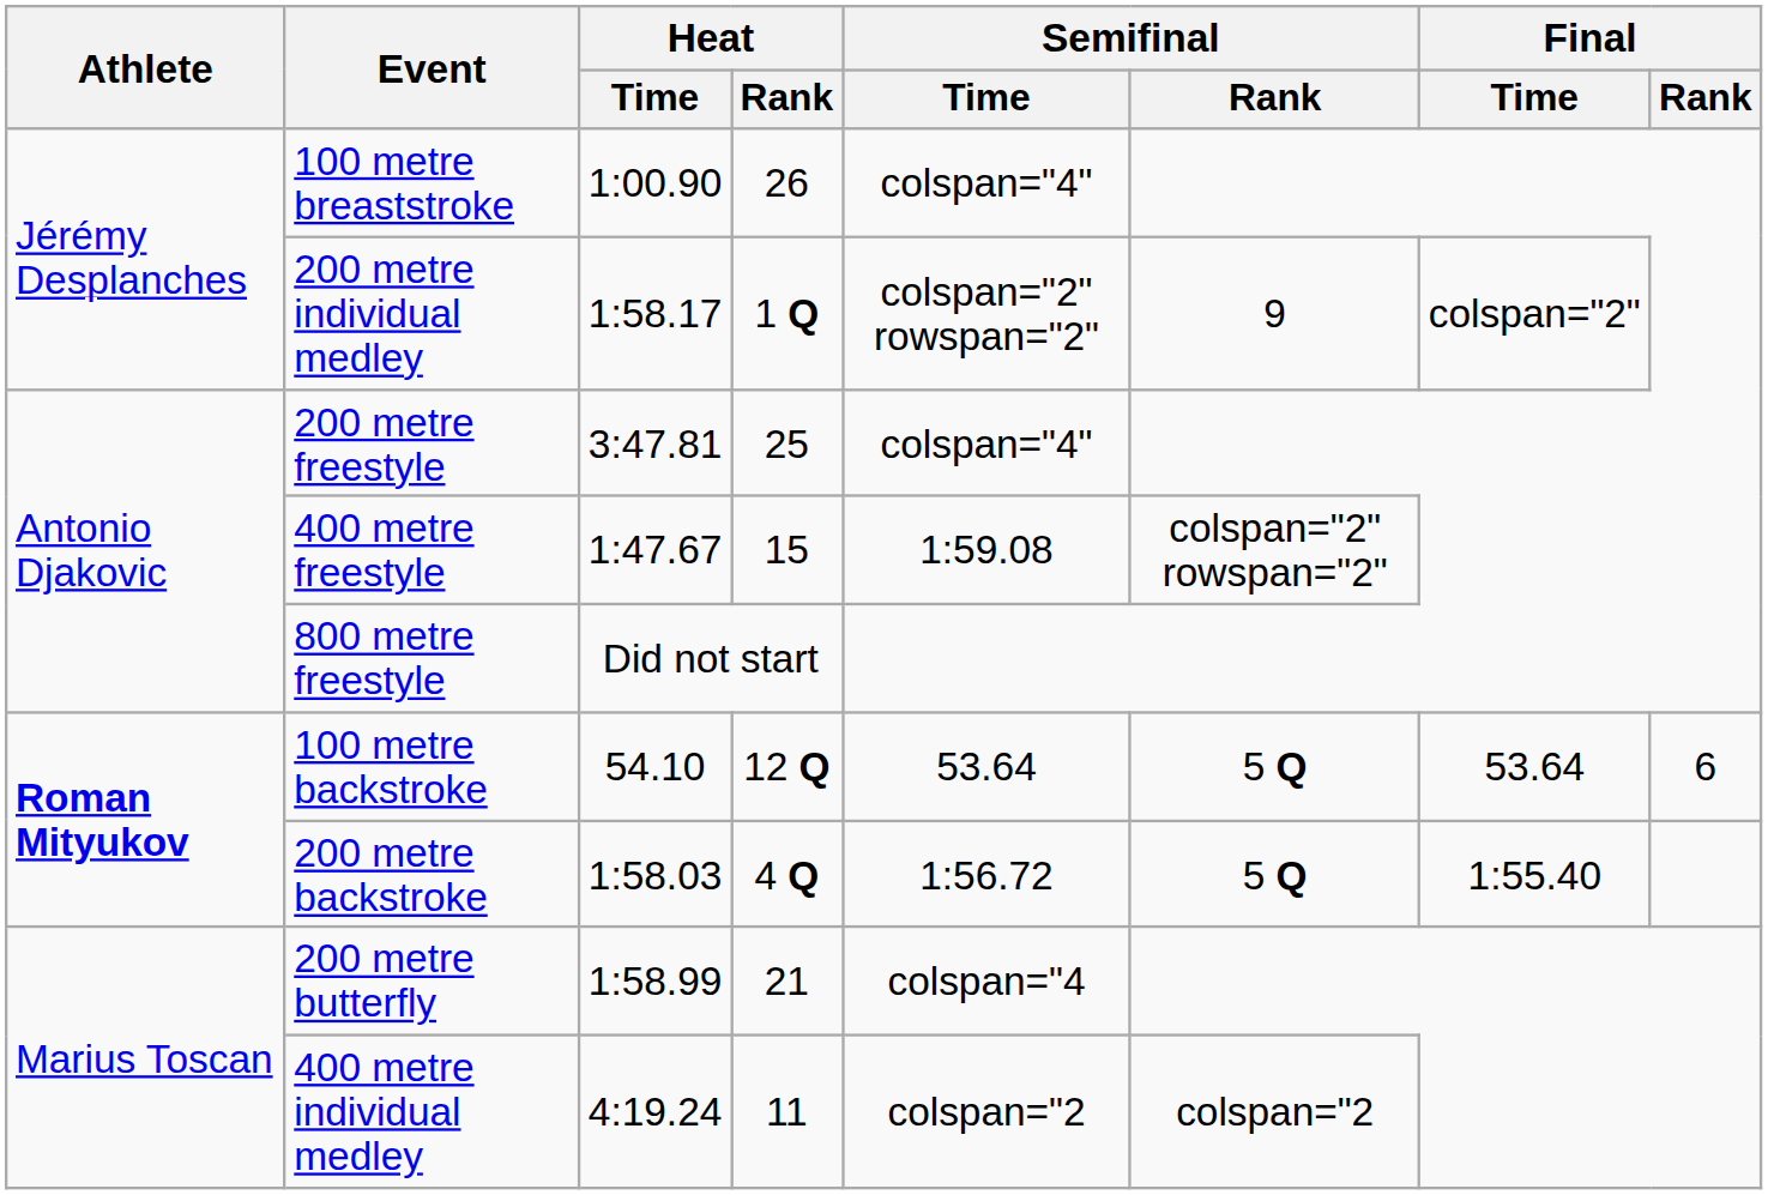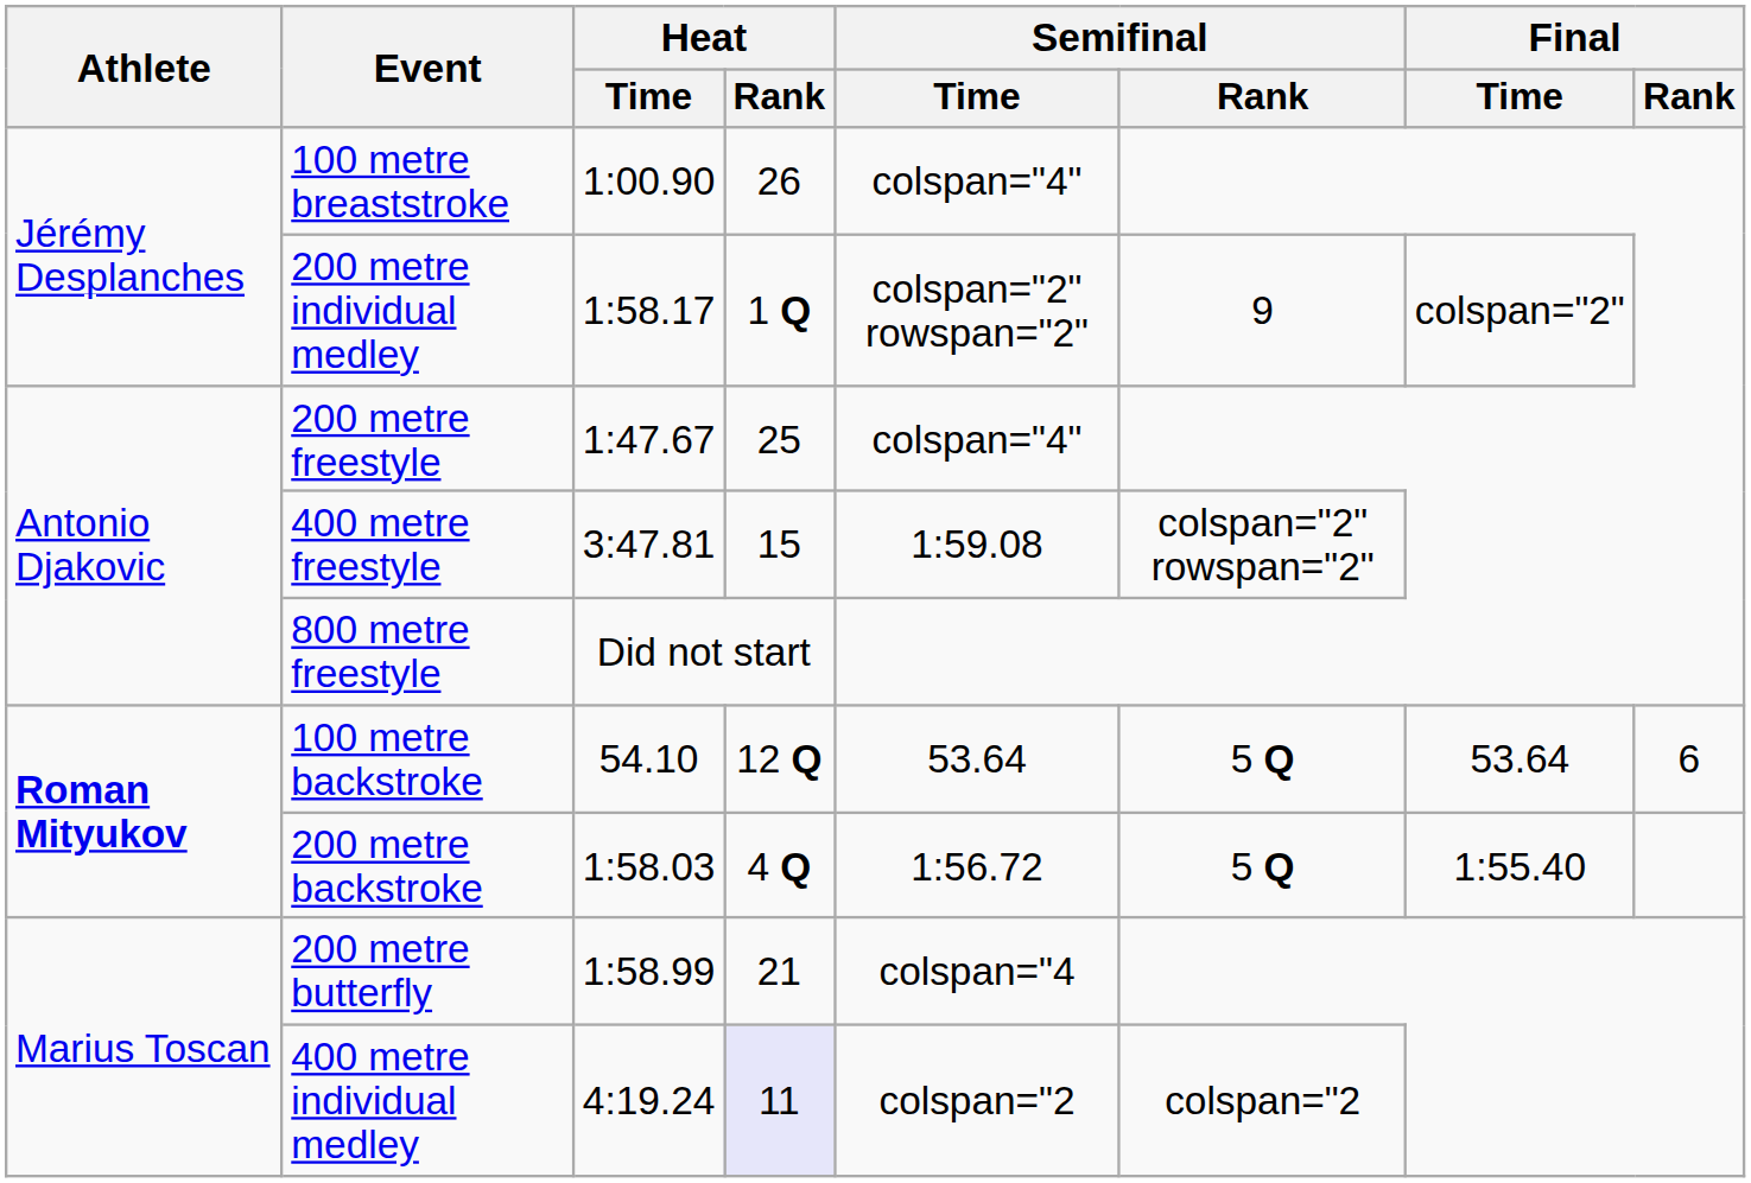 <table class="wikitable" style="text-align:center; font-size:90%; width:50%;">
 <tr>
 <th rowspan="2">Athlete</th>
 <th rowspan="2">Event</th>
 <th colspan="2">Heat</th>
 <th colspan="2">Semifinal</th>
 <th colspan="2">Final</th>
 </tr>
 <tr style="font-size:95%">
 <th>Time</th>
 <th>Rank</th>
 <th>Time</th>
 <th>Rank</th>
 <th>Time</th>
 <th>Rank</th>
 </tr>
 <tr align=center>
 <td align=left rowspan="2"><a href='#'>Jérémy Desplanches</a></td>
 <td align=left><a href='#'>100 metre breaststroke</a></td>
 <td>1:00.90</td>
 <td>26</td>
 <td>colspan="4" </td>
 </tr>
 <tr align=center>
 <td align=left><a href='#'>200 metre individual medley</a></td>
 <td>1:58.17</td>
 <td>1 <strong>Q</strong></td>
 <td>colspan="2" rowspan="2" </td>
 <td>9</td>
 <td>colspan="2" </td>
 </tr>
 <tr align=center>
 <td align=left rowspan="3"><a href='#'>Antonio Djakovic</a></td>
 <td align=left><a href='#'>200 metre freestyle</a></td>
-<td>3:47.81</td>
+<td>1:47.67</td>
 <td>25</td>
 <td>colspan="4" </td>
 </tr>
 <tr align=center>
 <td align=left><a href='#'>400 metre freestyle</a></td>
-<td>1:47.67</td>
+<td>3:47.81</td>
 <td>15</td>
 <td>1:59.08</td>
 <td>colspan="2" rowspan="2" </td>
 </tr>
 <tr align=center>
 <td align=left><a href='#'>800 metre freestyle</a></td>
 <td colspan="2">Did not start</td>
 </tr>
 <tr align=center>
 <td align=left rowspan="2"><strong><a href='#'>Roman Mityukov</a></strong></td>
 <td align=left><a href='#'>100 metre backstroke</a></td>
 <td>54.10</td>
 <td>12 <strong>Q</strong></td>
 <td>53.64</td>
 <td>5 <strong>Q</strong></td>
 <td>53.64</td>
 <td>6</td>
 </tr>
 <tr align=center>
 <td align=left><a href='#'>200 metre backstroke</a></td>
 <td>1:58.03</td>
 <td>4 <strong>Q</strong></td>
 <td>1:56.72</td>
 <td>5 <strong>Q</strong></td>
 <td>1:55.40</td>
 <td></td>
 </tr>
 <tr align=center>
 <td align=left rowspan="2"><a href='#'>Marius Toscan</a></td>
 <td align=left><a href='#'>200 metre butterfly</a></td>
 <td>1:58.99</td>
 <td>21</td>
 <td>colspan="4  </td>
 </tr>
 <tr align=center>
 <td align=left><a href='#'>400 metre individual medley</a></td>
 <td>4:19.24</td>
-<td>11</td>
+<td style="background: lavender;">11</td>
 <td>colspan="2  </td>
 <td>colspan="2  </td>
 </tr>
 </table>
